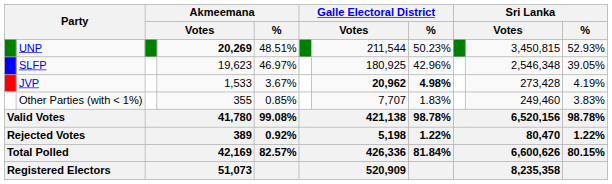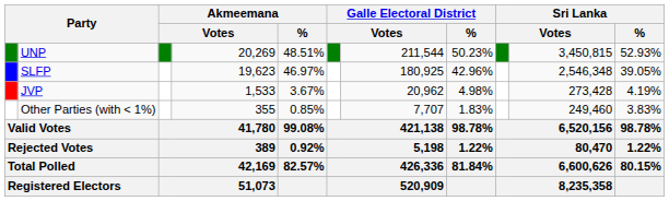 <table class="wikitable">
 <tr>
 <th colspan="2" width="144px"rowspan="2">Party</th>
 <th colspan="3" width="216px">Akmeemana</th>
 <th colspan="3" width="216px"><a href='#'>Galle Electoral District</a></th>
 <th colspan="3" width="216px">Sri Lanka</th>
 </tr>
 <tr>
 <th colspan="2" width="144px">Votes</th>
 <th>%</th>
 <th colspan="2" width="144px">Votes</th>
 <th>%</th>
 <th colspan="2" width="144px">Votes</th>
 <th>%</th>
 </tr>
 <tr>
 <td style="background-color:green;" width="10px"></td>
 <td style="text-align:left;"><a href='#'>UNP</a></td>
 <td style="background-color:green;" width="10px"></td>
-<td style="text-align:right;"><strong>20,269</strong></td>
+<td style="text-align:right;">20,269</td>
 <td style="text-align:right;">48.51%</td>
 <td style="background-color:green;" width="10px"></td>
 <td style="text-align:right;">211,544</td>
 <td style="text-align:right;">50.23%</td>
 <td style="background-color:green;" width="10px"></td>
 <td style="text-align:right;">3,450,815</td>
 <td style="text-align:right;">52.93%</td>
 </tr>
 <tr>
 <td style="background-color:blue;" width="10px"></td>
 <td style="text-align:left;"><a href='#'>SLFP</a></td>
 <td style="background-color:white;" width="10px"></td>
 <td style="text-align:right;">19,623</td>
 <td style="text-align:right;">46.97%</td>
 <td style="background-color:white;" width="10px"></td>
 <td style="text-align:right;">180,925</td>
 <td style="text-align:right;">42.96%</td>
 <td style="background-color:white;" width="10px"></td>
 <td style="text-align:right;">2,546,348</td>
 <td style="text-align:right;">39.05%</td>
 </tr>
 <tr>
 <td style="background-color:red;" width="10px"></td>
 <td style="text-align:left;"><a href='#'>JVP</a></td>
 <td style="background-color:white;" width="10px"></td>
 <td style="text-align:right;">1,533</td>
 <td style="text-align:right;">3.67%</td>
 <td style="background-color:white;" width="10px"></td>
-<td style="text-align:right;"><strong>20,962</strong></td>
-<td style="text-align:right;"><strong>4.98%</strong></td>
+<td style="text-align:right;">20,962</td>
+<td style="text-align:right;">4.98%</td>
 <td style="background-color:white;" width="10px"></td>
 <td style="text-align:right;">273,428</td>
 <td style="text-align:right;">4.19%</td>
 </tr>
 <tr>
 <td style="background-color:white;" width="10px"></td>
 <td style="text-align:left;">Other Parties (with < 1%)</td>
 <td style="background-color:white;" width="10px"></td>
 <td style="text-align:right;">355</td>
 <td style="text-align:right;">0.85%</td>
 <td style="background-color:white;" width="10px"></td>
 <td style="text-align:right;">7,707</td>
 <td style="text-align:right;">1.83%</td>
 <td style="background-color:white;" width="10px"></td>
 <td style="text-align:right;">249,460</td>
 <td style="text-align:right;">3.83%</td>
 </tr>
 <tr>
 <th colspan="2" width="144px"style="text-align:left;">Valid Votes</th>
 <th style="text-align:right;"colspan="2" width="144px">41,780</th>
 <th style="text-align:right;">99.08%</th>
 <th style="text-align:right;"colspan="2" width="144px">421,138</th>
 <th style="text-align:right;">98.78%</th>
 <th style="text-align:right;"colspan="2" width="144px">6,520,156</th>
 <th style="text-align:right;">98.78%</th>
 </tr>
 <tr>
 <th colspan="2" width="144px"style="text-align:left;">Rejected Votes</th>
 <th style="text-align:right;"colspan="2" width="144px">389</th>
 <th style="text-align:right;">0.92%</th>
 <th style="text-align:right;"colspan="2" width="144px">5,198</th>
 <th style="text-align:right;">1.22%</th>
 <th style="text-align:right;"colspan="2" width="144px">80,470</th>
 <th style="text-align:right;">1.22%</th>
 </tr>
 <tr>
 <th colspan="2" width="144px"style="text-align:left;">Total Polled</th>
 <th style="text-align:right;"colspan="2" width="144px">42,169</th>
 <th style="text-align:right;">82.57%</th>
 <th style="text-align:right;"colspan="2" width="144px">426,336</th>
 <th style="text-align:right;">81.84%</th>
 <th style="text-align:right;"colspan="2" width="144px">6,600,626</th>
 <th style="text-align:right;">80.15%</th>
 </tr>
 <tr>
 <th colspan="2" width="144px"style="text-align:left;">Registered Electors</th>
 <th style="text-align:right;"colspan="2" width="144px">51,073</th>
 <th></th>
 <th style="text-align:right;"colspan="2" width="144px">520,909</th>
 <th></th>
 <th style="text-align:right;"colspan="2" width="144px">8,235,358</th>
 <th></th>
 </tr>
 </table>
